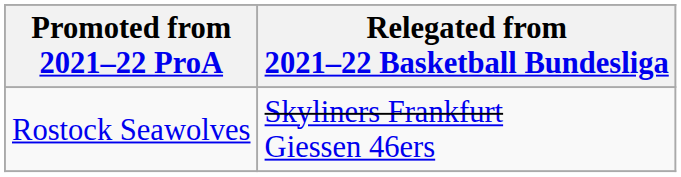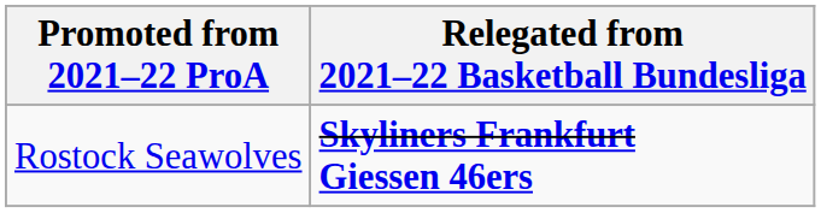 <table class="wikitable">
 <tr>
 <th>Promoted from<br><a href='#'>2021–22 ProA</a></th>
 <th>Relegated from<br><a href='#'>2021–22 Basketball Bundesliga</a></th>
 </tr>
 <tr>
 <td><a href='#'>Rostock Seawolves</a></td>
-<td><s><a href='#'>Skyliners Frankfurt</a></s><br><a href='#'>Giessen 46ers</a></td>
+<td><strong><s><a href='#'>Skyliners Frankfurt</a></s><br><a href='#'>Giessen 46ers</a></strong></td>
 </tr>
 </table>
